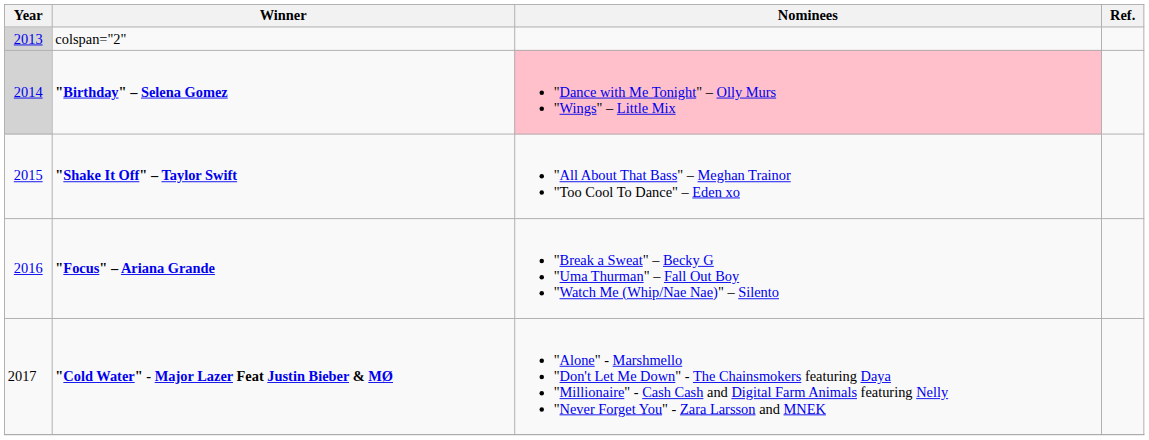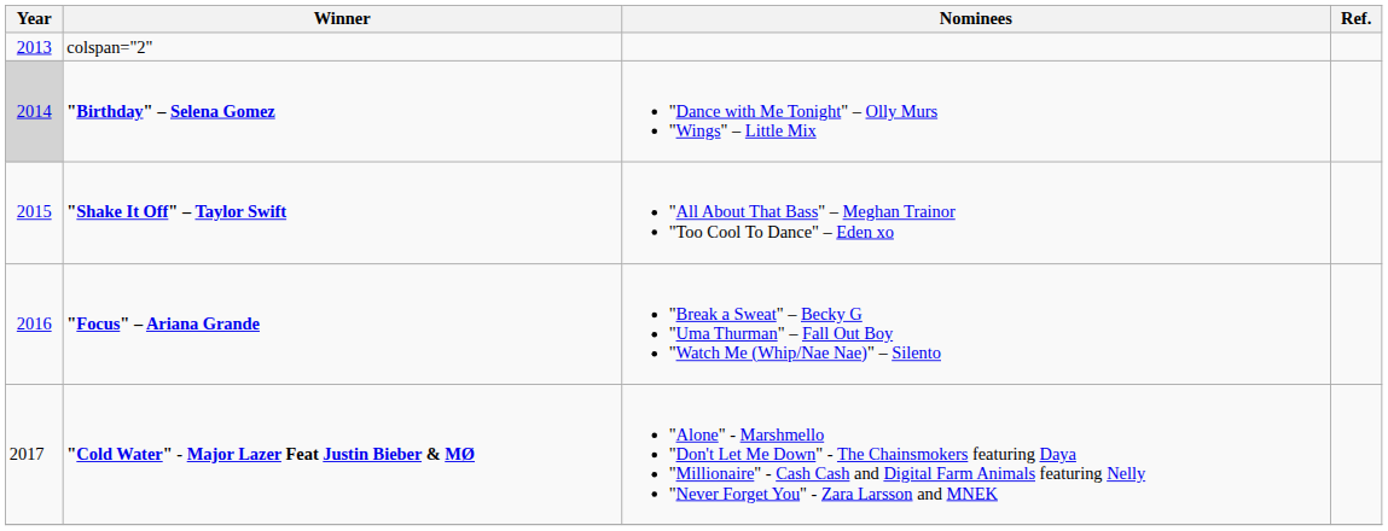 <table class="wikitable" width=80%>
 <tr>
 <th>Year</th>
 <th>Winner</th>
 <th>Nominees</th>
 <th>Ref.</th>
 </tr>
 <tr>
-<td align="center" style="background: lightgrey;"><a href='#'>2013</a></td>
+<td align="center"><a href='#'>2013</a></td>
 <td>colspan="2" </td>
 <td align="center"></td>
 </tr>
 <tr>
 <td align="center" style="background: lightgrey;"><a href='#'>2014</a></td>
 <td><strong>"<a href='#'>Birthday</a>" – <a href='#'>Selena Gomez</a></strong></td>
-<td style="background: pink;"><br><ul><li>"<a href='#'>Dance with Me Tonight</a>" – <a href='#'>Olly Murs</a></li><li>"<a href='#'>Wings</a>" – <a href='#'>Little Mix</a></li></ul></td>
+<td><br><ul><li>"<a href='#'>Dance with Me Tonight</a>" – <a href='#'>Olly Murs</a></li><li>"<a href='#'>Wings</a>" – <a href='#'>Little Mix</a></li></ul></td>
 <td align="center"></td>
 </tr>
 <tr>
 <td align="center"><a href='#'>2015</a></td>
 <td><strong>"<a href='#'>Shake It Off</a>" – <a href='#'>Taylor Swift</a></strong></td>
 <td><br><ul><li>"<a href='#'>All About That Bass</a>" – <a href='#'>Meghan Trainor</a></li><li>"Too Cool To Dance" – <a href='#'>Eden xo</a></li></ul></td>
 <td align="center"></td>
 </tr>
 <tr>
 <td align="center"><a href='#'>2016</a></td>
 <td><strong>"<a href='#'>Focus</a>" – <a href='#'>Ariana Grande</a></strong></td>
 <td><br><ul><li>"<a href='#'>Break a Sweat</a>" – <a href='#'>Becky G</a></li><li>"<a href='#'>Uma Thurman</a>" – <a href='#'>Fall Out Boy</a></li><li>"<a href='#'>Watch Me (Whip/Nae Nae)</a>" – <a href='#'>Silento</a></li></ul></td>
 <td align="center"></td>
 </tr>
 <tr>
 <td>2017</td>
 <td><strong>"<a href='#'>Cold Water</a>" - <a href='#'>Major Lazer</a> Feat <a href='#'>Justin Bieber</a> & <a href='#'>MØ</a></strong></td>
 <td><br><ul><li>"<a href='#'>Alone</a>" - <a href='#'>Marshmello</a></li><li>"<a href='#'>Don't Let Me Down</a>" - <a href='#'>The Chainsmokers</a> featuring <a href='#'>Daya</a></li><li>"<a href='#'>Millionaire</a>" - <a href='#'>Cash Cash</a> and <a href='#'>Digital Farm Animals</a> featuring <a href='#'>Nelly</a></li><li>"<a href='#'>Never Forget You</a>" - <a href='#'>Zara Larsson</a> and <a href='#'>MNEK</a></li></ul></td>
 <td align="center"></td>
 </tr>
 <tr>
 </tr>
 </table>
